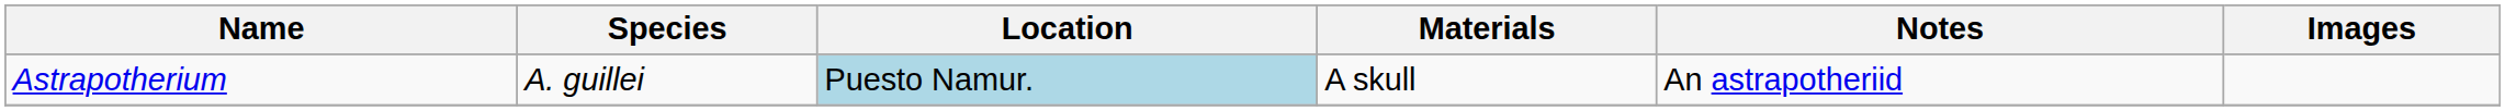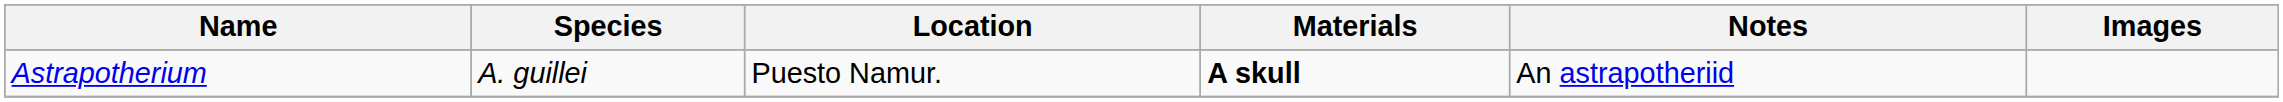 <table class="wikitable" align="center" width="100%">
 <tr>
 <th>Name</th>
 <th>Species</th>
 <th>Location</th>
 <th>Materials</th>
 <th>Notes</th>
 <th>Images</th>
 </tr>
 <tr>
 <td><em><a href='#'>Astrapotherium</a></em></td>
 <td><em>A. guillei</em></td>
-<td style="background: lightblue;">Puesto Namur.</td>
-<td>A skull</td>
+<td>Puesto Namur.</td>
+<td><strong>A skull</strong></td>
 <td>An <a href='#'>astrapotheriid</a></td>
 <td></td>
 </tr>
 <tr>
 </tr>
 </table>
